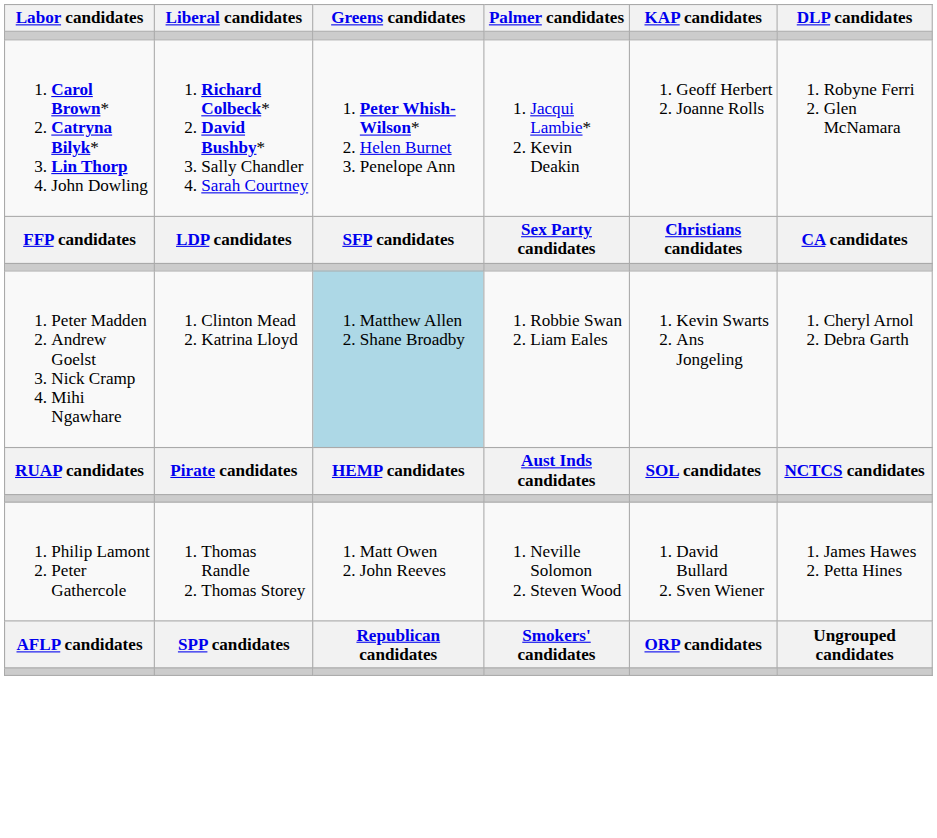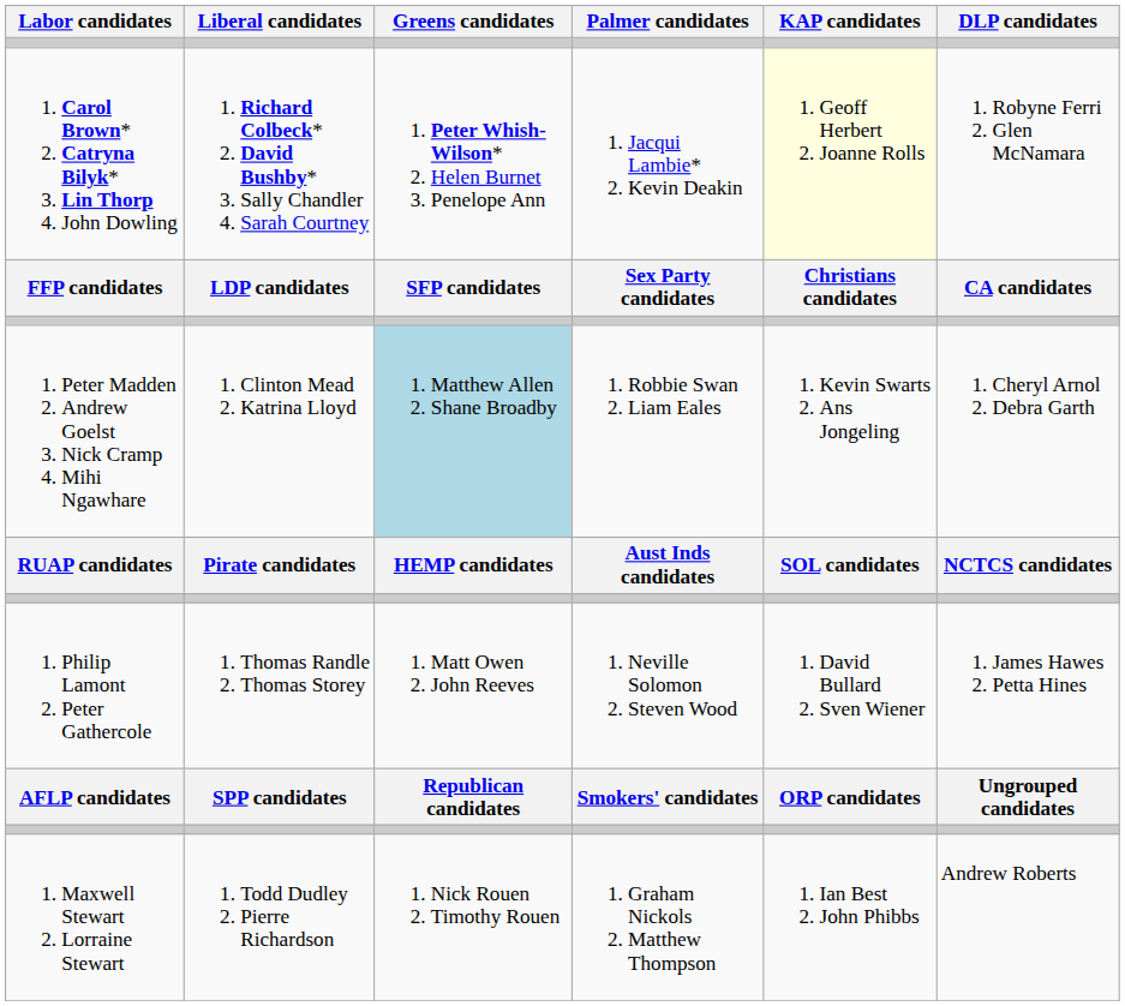 <table class="wikitable">
 <tr>
 <th><a href='#'>Labor</a> candidates</th>
 <th><a href='#'>Liberal</a> candidates</th>
 <th><a href='#'>Greens</a> candidates</th>
 <th><a href='#'>Palmer</a> candidates</th>
 <th><a href='#'>KAP</a> candidates</th>
 <th><a href='#'>DLP</a> candidates</th>
 </tr>
 <tr style="background:#ccc;">
 <td></td>
 <td></td>
 <td></td>
 <td></td>
 <td></td>
 <td></td>
 </tr>
 <tr>
 <td><br><ol><li><strong><a href='#'>Carol Brown</a></strong>*</li><li><strong><a href='#'>Catryna Bilyk</a></strong>*</li><li><strong><a href='#'>Lin Thorp</a></strong></li><li>John Dowling</li></ol></td>
 <td><br><ol><li><strong><a href='#'>Richard Colbeck</a></strong>*</li><li><strong><a href='#'>David Bushby</a></strong>*</li><li>Sally Chandler</li><li><a href='#'>Sarah Courtney</a></li></ol></td>
 <td><br><ol><li><strong><a href='#'>Peter Whish-Wilson</a></strong>*</li><li><a href='#'>Helen Burnet</a></li><li>Penelope Ann</li></ol></td>
 <td><br><ol><li><a href='#'>Jacqui Lambie</a>*</li><li>Kevin Deakin</li></ol></td>
-<td valign=top><br><ol><li>Geoff Herbert</li><li>Joanne Rolls</li></ol></td>
+<td valign=top style="background: lightyellow;"><br><ol><li>Geoff Herbert</li><li>Joanne Rolls</li></ol></td>
 <td valign=top><br><ol><li>Robyne Ferri</li><li>Glen McNamara</li></ol></td>
 </tr>
 <tr style="background:#ccc;">
 <th><a href='#'>FFP</a> candidates</th>
 <th><a href='#'>LDP</a> candidates</th>
 <th><a href='#'>SFP</a> candidates</th>
 <th><a href='#'>Sex Party</a> candidates</th>
 <th><a href='#'>Christians</a> candidates</th>
 <th><a href='#'>CA</a> candidates</th>
 </tr>
 <tr style="background:#ccc;">
 <td></td>
 <td></td>
 <td></td>
 <td></td>
 <td></td>
 <td></td>
 </tr>
 <tr>
 <td valign=top><br><ol><li>Peter Madden</li><li>Andrew Goelst</li><li>Nick Cramp</li><li>Mihi Ngawhare</li></ol></td>
 <td valign=top><br><ol><li>Clinton Mead</li><li>Katrina Lloyd</li></ol></td>
 <td valign=top style="background: lightblue;"><br><ol><li>Matthew Allen</li><li>Shane Broadby</li></ol></td>
 <td valign=top><br><ol><li>Robbie Swan</li><li>Liam Eales</li></ol></td>
 <td valign=top><br><ol><li>Kevin Swarts</li><li>Ans Jongeling</li></ol></td>
 <td valign=top><br><ol><li>Cheryl Arnol</li><li>Debra Garth</li></ol></td>
 </tr>
 <tr style="background:#ccc;">
 <th><a href='#'>RUAP</a> candidates</th>
 <th><a href='#'>Pirate</a> candidates</th>
 <th><a href='#'>HEMP</a> candidates</th>
 <th><a href='#'>Aust Inds</a> candidates</th>
 <th><a href='#'>SOL</a> candidates</th>
 <th><a href='#'>NCTCS</a> candidates</th>
 </tr>
 <tr style="background:#ccc;">
 <td></td>
 <td></td>
 <td></td>
 <td></td>
 <td></td>
 <td></td>
 </tr>
 <tr>
 <td valign=top><br><ol><li>Philip Lamont</li><li>Peter Gathercole</li></ol></td>
 <td valign=top><br><ol><li>Thomas Randle</li><li>Thomas Storey</li></ol></td>
 <td valign=top><br><ol><li>Matt Owen</li><li>John Reeves</li></ol></td>
 <td valign=top><br><ol><li>Neville Solomon</li><li>Steven Wood</li></ol></td>
 <td valign=top><br><ol><li>David Bullard</li><li>Sven Wiener</li></ol></td>
 <td valign=top><br><ol><li>James Hawes</li><li>Petta Hines</li></ol></td>
 </tr>
 <tr style="background:#ccc;">
 <th><a href='#'>AFLP</a> candidates</th>
 <th><a href='#'>SPP</a> candidates</th>
 <th><a href='#'>Republican</a> candidates</th>
 <th><a href='#'>Smokers'</a> candidates</th>
 <th><a href='#'>ORP</a> candidates</th>
 <th>Ungrouped candidates</th>
 </tr>
 <tr style="background:#ccc;">
 <td></td>
 <td></td>
 <td></td>
 <td></td>
 <td></td>
 <td></td>
 </tr>
+<tr>
+<td valign=top><br><ol><li>Maxwell Stewart</li><li>Lorraine Stewart</li></ol></td>
+<td valign=top><br><ol><li>Todd Dudley</li><li>Pierre Richardson</li></ol></td>
+<td valign=top><br><ol><li>Nick Rouen</li><li>Timothy Rouen</li></ol></td>
+<td valign=top><br><ol><li>Graham Nickols</li><li>Matthew Thompson</li></ol></td>
+<td valign=top><br><ol><li>Ian Best</li><li>John Phibbs</li></ol></td>
+<td valign=top><br>Andrew Roberts</td>
+</tr>
 </table>
